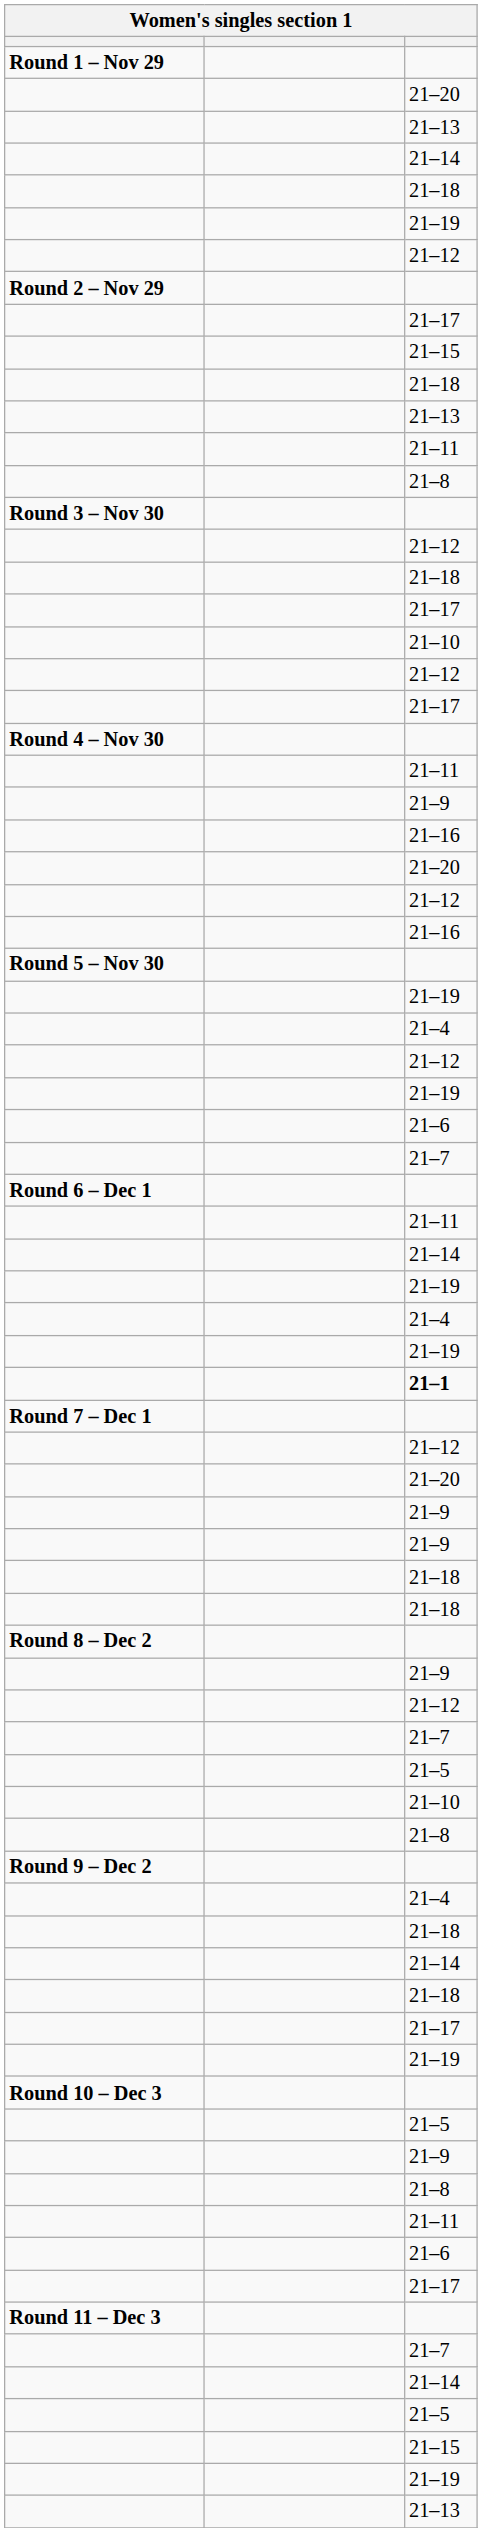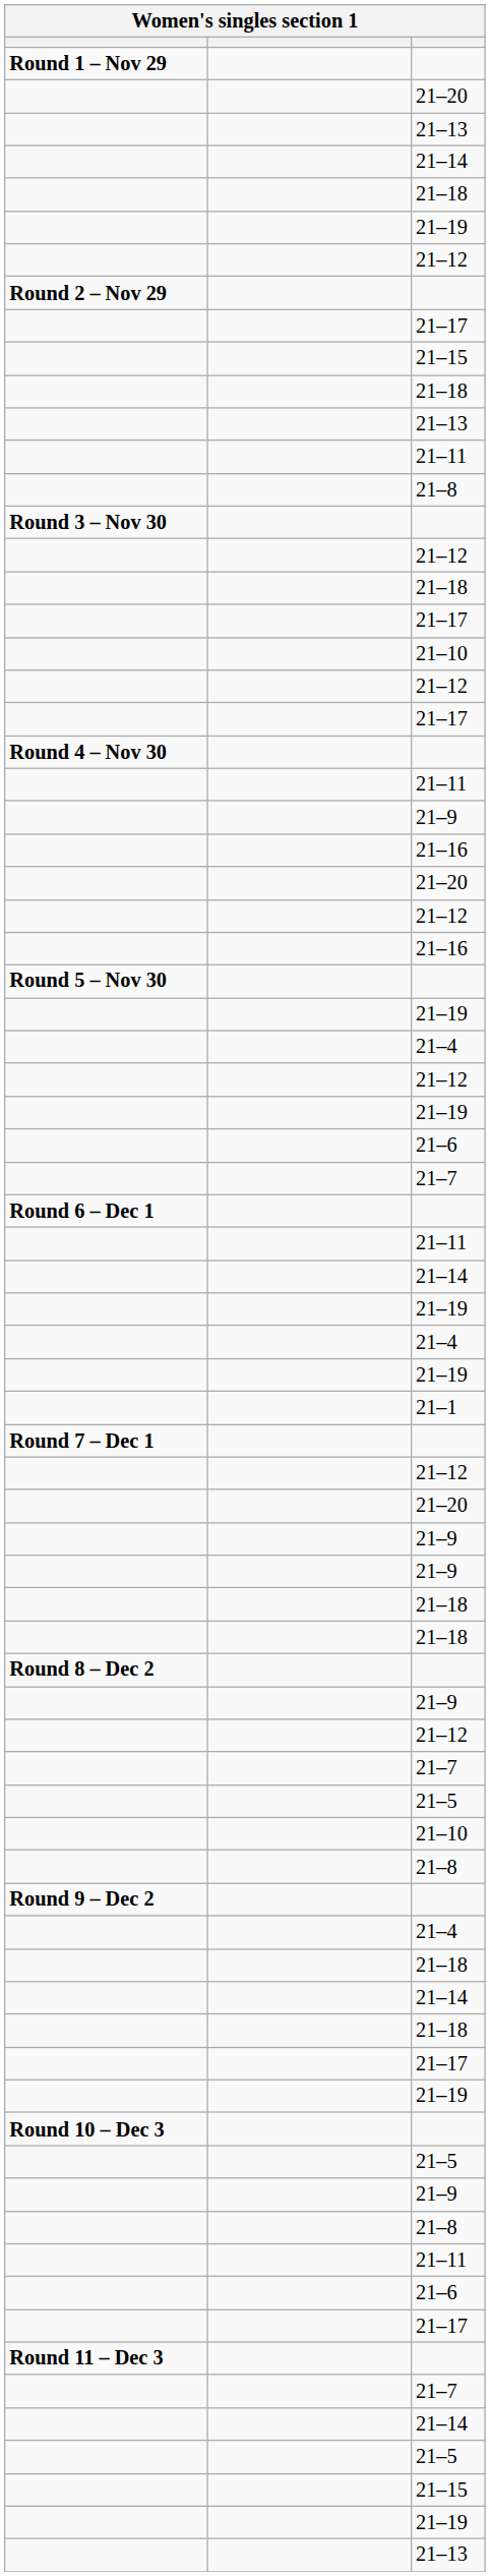 <table class="wikitable">
 <tr>
 <th colspan="3">Women's singles section 1</th>
 </tr>
 <tr>
 <th width=150></th>
 <th width=150></th>
 <th width=50></th>
 </tr>
 <tr>
 <td><strong>Round 1 – Nov 29</strong></td>
 <td></td>
 <td></td>
 </tr>
 <tr>
 <td></td>
 <td></td>
 <td>21–20</td>
 </tr>
 <tr>
 <td></td>
 <td></td>
 <td>21–13</td>
 </tr>
 <tr>
 <td></td>
 <td></td>
 <td>21–14</td>
 </tr>
 <tr>
 <td></td>
 <td></td>
 <td>21–18</td>
 </tr>
 <tr>
 <td></td>
 <td></td>
 <td>21–19</td>
 </tr>
 <tr>
 <td></td>
 <td></td>
 <td>21–12</td>
 </tr>
 <tr>
 <td><strong>Round 2 – Nov 29</strong></td>
 <td></td>
 <td></td>
 </tr>
 <tr>
 <td></td>
 <td></td>
 <td>21–17</td>
 </tr>
 <tr>
 <td></td>
 <td></td>
 <td>21–15</td>
 </tr>
 <tr>
 <td></td>
 <td></td>
 <td>21–18</td>
 </tr>
 <tr>
 <td></td>
 <td></td>
 <td>21–13</td>
 </tr>
 <tr>
 <td></td>
 <td></td>
 <td>21–11</td>
 </tr>
 <tr>
 <td></td>
 <td></td>
 <td>21–8</td>
 </tr>
 <tr>
 <td><strong>Round 3 – Nov 30</strong></td>
 <td></td>
 <td></td>
 </tr>
 <tr>
 <td></td>
 <td></td>
 <td>21–12</td>
 </tr>
 <tr>
 <td></td>
 <td></td>
 <td>21–18</td>
 </tr>
 <tr>
 <td></td>
 <td></td>
 <td>21–17</td>
 </tr>
 <tr>
 <td></td>
 <td></td>
 <td>21–10</td>
 </tr>
 <tr>
 <td></td>
 <td></td>
 <td>21–12</td>
 </tr>
 <tr>
 <td></td>
 <td></td>
 <td>21–17</td>
 </tr>
 <tr>
 <td><strong>Round 4 – Nov 30</strong></td>
 <td></td>
 <td></td>
 </tr>
 <tr>
 <td></td>
 <td></td>
 <td>21–11</td>
 </tr>
 <tr>
 <td></td>
 <td></td>
 <td>21–9</td>
 </tr>
 <tr>
 <td></td>
 <td></td>
 <td>21–16</td>
 </tr>
 <tr>
 <td></td>
 <td></td>
 <td>21–20</td>
 </tr>
 <tr>
 <td></td>
 <td></td>
 <td>21–12</td>
 </tr>
 <tr>
 <td></td>
 <td></td>
 <td>21–16</td>
 </tr>
 <tr>
 <td><strong>Round 5 – Nov 30</strong></td>
 <td></td>
 <td></td>
 </tr>
 <tr>
 <td></td>
 <td></td>
 <td>21–19</td>
 </tr>
 <tr>
 <td></td>
 <td></td>
 <td>21–4</td>
 </tr>
 <tr>
 <td></td>
 <td></td>
 <td>21–12</td>
 </tr>
 <tr>
 <td></td>
 <td></td>
 <td>21–19</td>
 </tr>
 <tr>
 <td></td>
 <td></td>
 <td>21–6</td>
 </tr>
 <tr>
 <td></td>
 <td></td>
 <td>21–7</td>
 </tr>
 <tr>
 <td><strong>Round 6  – Dec 1</strong></td>
 <td></td>
 <td></td>
 </tr>
 <tr>
 <td></td>
 <td></td>
 <td>21–11</td>
 </tr>
 <tr>
 <td></td>
 <td></td>
 <td>21–14</td>
 </tr>
 <tr>
 <td></td>
 <td></td>
 <td>21–19</td>
 </tr>
 <tr>
 <td></td>
 <td></td>
 <td>21–4</td>
 </tr>
 <tr>
 <td></td>
 <td></td>
 <td>21–19</td>
 </tr>
 <tr>
 <td></td>
 <td></td>
-<td><strong>21–1</strong></td>
+<td>21–1</td>
 </tr>
 <tr>
 <td><strong>Round 7 – Dec 1</strong></td>
 <td></td>
 <td></td>
 </tr>
 <tr>
 <td></td>
 <td></td>
 <td>21–12</td>
 </tr>
 <tr>
 <td></td>
 <td></td>
 <td>21–20</td>
 </tr>
 <tr>
 <td></td>
 <td></td>
 <td>21–9</td>
 </tr>
 <tr>
 <td></td>
 <td></td>
 <td>21–9</td>
 </tr>
 <tr>
 <td></td>
 <td></td>
 <td>21–18</td>
 </tr>
 <tr>
 <td></td>
 <td></td>
 <td>21–18</td>
 </tr>
 <tr>
 <td><strong>Round 8 – Dec 2</strong></td>
 <td></td>
 <td></td>
 </tr>
 <tr>
 <td></td>
 <td></td>
 <td>21–9</td>
 </tr>
 <tr>
 <td></td>
 <td></td>
 <td>21–12</td>
 </tr>
 <tr>
 <td></td>
 <td></td>
 <td>21–7</td>
 </tr>
 <tr>
 <td></td>
 <td></td>
 <td>21–5</td>
 </tr>
 <tr>
 <td></td>
 <td></td>
 <td>21–10</td>
 </tr>
 <tr>
 <td></td>
 <td></td>
 <td>21–8</td>
 </tr>
 <tr>
 <td><strong>Round 9 – Dec 2</strong></td>
 <td></td>
 <td></td>
 </tr>
 <tr>
 <td></td>
 <td></td>
 <td>21–4</td>
 </tr>
 <tr>
 <td></td>
 <td></td>
 <td>21–18</td>
 </tr>
 <tr>
 <td></td>
 <td></td>
 <td>21–14</td>
 </tr>
 <tr>
 <td></td>
 <td></td>
 <td>21–18</td>
 </tr>
 <tr>
 <td></td>
 <td></td>
 <td>21–17</td>
 </tr>
 <tr>
 <td></td>
 <td></td>
 <td>21–19</td>
 </tr>
 <tr>
 <td><strong>Round 10 – Dec 3</strong></td>
 <td></td>
 <td></td>
 </tr>
 <tr>
 <td></td>
 <td></td>
 <td>21–5</td>
 </tr>
 <tr>
 <td></td>
 <td></td>
 <td>21–9</td>
 </tr>
 <tr>
 <td></td>
 <td></td>
 <td>21–8</td>
 </tr>
 <tr>
 <td></td>
 <td></td>
 <td>21–11</td>
 </tr>
 <tr>
 <td></td>
 <td></td>
 <td>21–6</td>
 </tr>
 <tr>
 <td></td>
 <td></td>
 <td>21–17</td>
 </tr>
 <tr>
 <td><strong>Round 11 – Dec 3</strong></td>
 <td></td>
 <td></td>
 </tr>
 <tr>
 <td></td>
 <td></td>
 <td>21–7</td>
 </tr>
 <tr>
 <td></td>
 <td></td>
 <td>21–14</td>
 </tr>
 <tr>
 <td></td>
 <td></td>
 <td>21–5</td>
 </tr>
 <tr>
 <td></td>
 <td></td>
 <td>21–15</td>
 </tr>
 <tr>
 <td></td>
 <td></td>
 <td>21–19</td>
 </tr>
 <tr>
 <td></td>
 <td></td>
 <td>21–13</td>
 </tr>
 <tr>
 </tr>
 </table>
